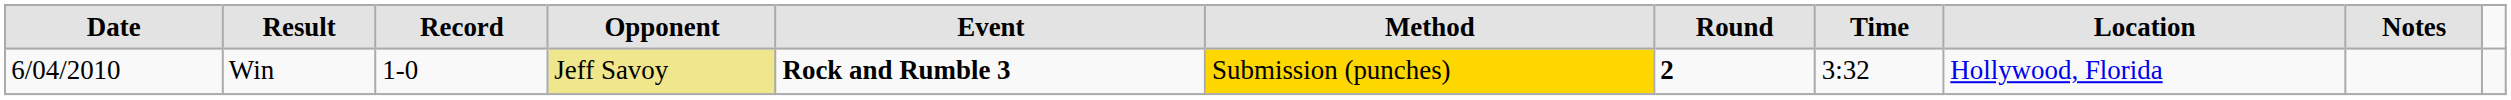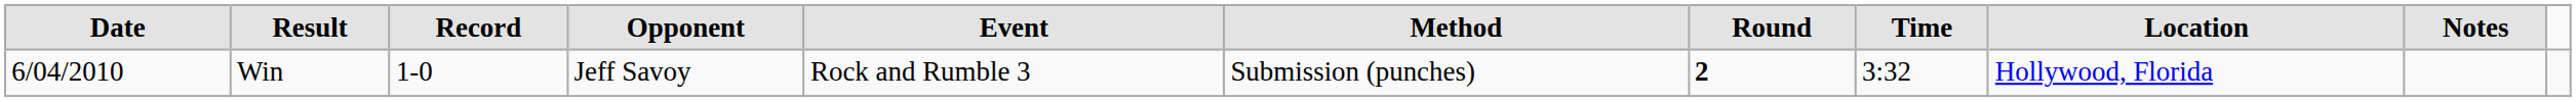 <table class="wikitable sortable" style="font-size:85%; text-align:left; width:100%;">
 <tr>
 <th style="border-style:none none solid solid; background:#e3e3e3;"><strong>Date</strong></th>
 <th style="border-style:none none solid solid; background:#e3e3e3;"><strong>Result</strong></th>
 <th style="border-style:none none solid solid; background:#e3e3e3;"><strong>Record</strong></th>
 <th style="border-style:none none solid solid; background:#e3e3e3;"><strong>Opponent</strong></th>
 <th style="border-style:none none solid solid; background:#e3e3e3;"><strong>Event</strong></th>
 <th style="border-style:none none solid solid; background:#e3e3e3;"><strong>Method</strong></th>
 <th style="border-style:none none solid solid; background:#e3e3e3;"><strong>Round</strong></th>
 <th style="border-style:none none solid solid; background:#e3e3e3;"><strong>Time</strong></th>
 <th style="border-style:none none solid solid; background:#e3e3e3;"><strong>Location</strong></th>
 <th style="border-style:none none solid solid; background:#e3e3e3;"><strong>Notes</strong></th>
 <td></td>
 </tr>
 <tr>
 <td>6/04/2010</td>
 <td>Win</td>
 <td>1-0</td>
-<td style="background: khaki;">Jeff Savoy</td>
-<td><strong>Rock and Rumble 3</strong></td>
-<td style="background: gold;">Submission (punches)</td>
+<td>Jeff Savoy</td>
+<td>Rock and Rumble 3</td>
+<td>Submission (punches)</td>
 <td><strong>2</strong></td>
 <td>3:32</td>
 <td><a href='#'>Hollywood, Florida</a></td>
 <td></td>
 </tr>
 </table>
